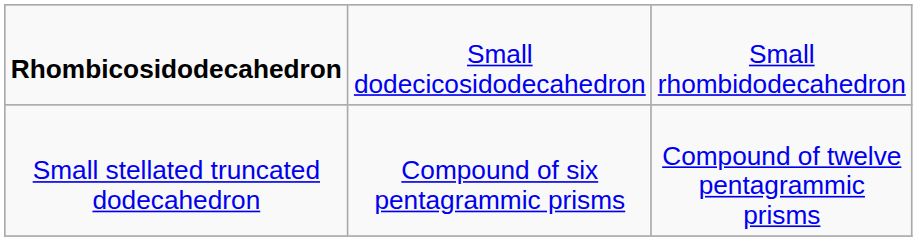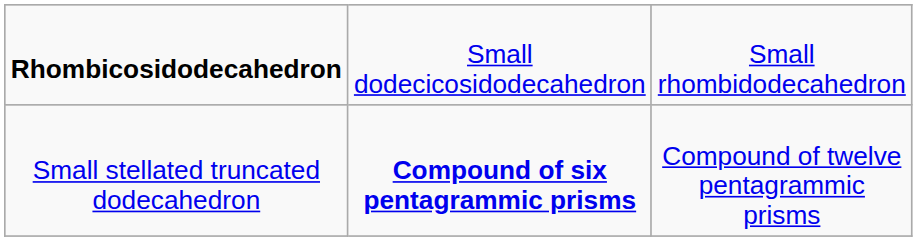 <table class="wikitable" style="width:400px; vertical-align:top; text-align:center;">
 <tr>
 <td><br><strong>Rhombicosidodecahedron</strong></td>
 <td><br><a href='#'>Small dodecicosidodecahedron</a></td>
 <td><br><a href='#'>Small rhombidodecahedron</a></td>
 </tr>
 <tr>
 <td><br><a href='#'>Small stellated truncated dodecahedron</a></td>
-<td><br><a href='#'>Compound of six pentagrammic prisms</a></td>
+<td><strong><br><a href='#'>Compound of six pentagrammic prisms</a></strong></td>
 <td><br><a href='#'>Compound of twelve pentagrammic prisms</a></td>
 </tr>
 </table>
